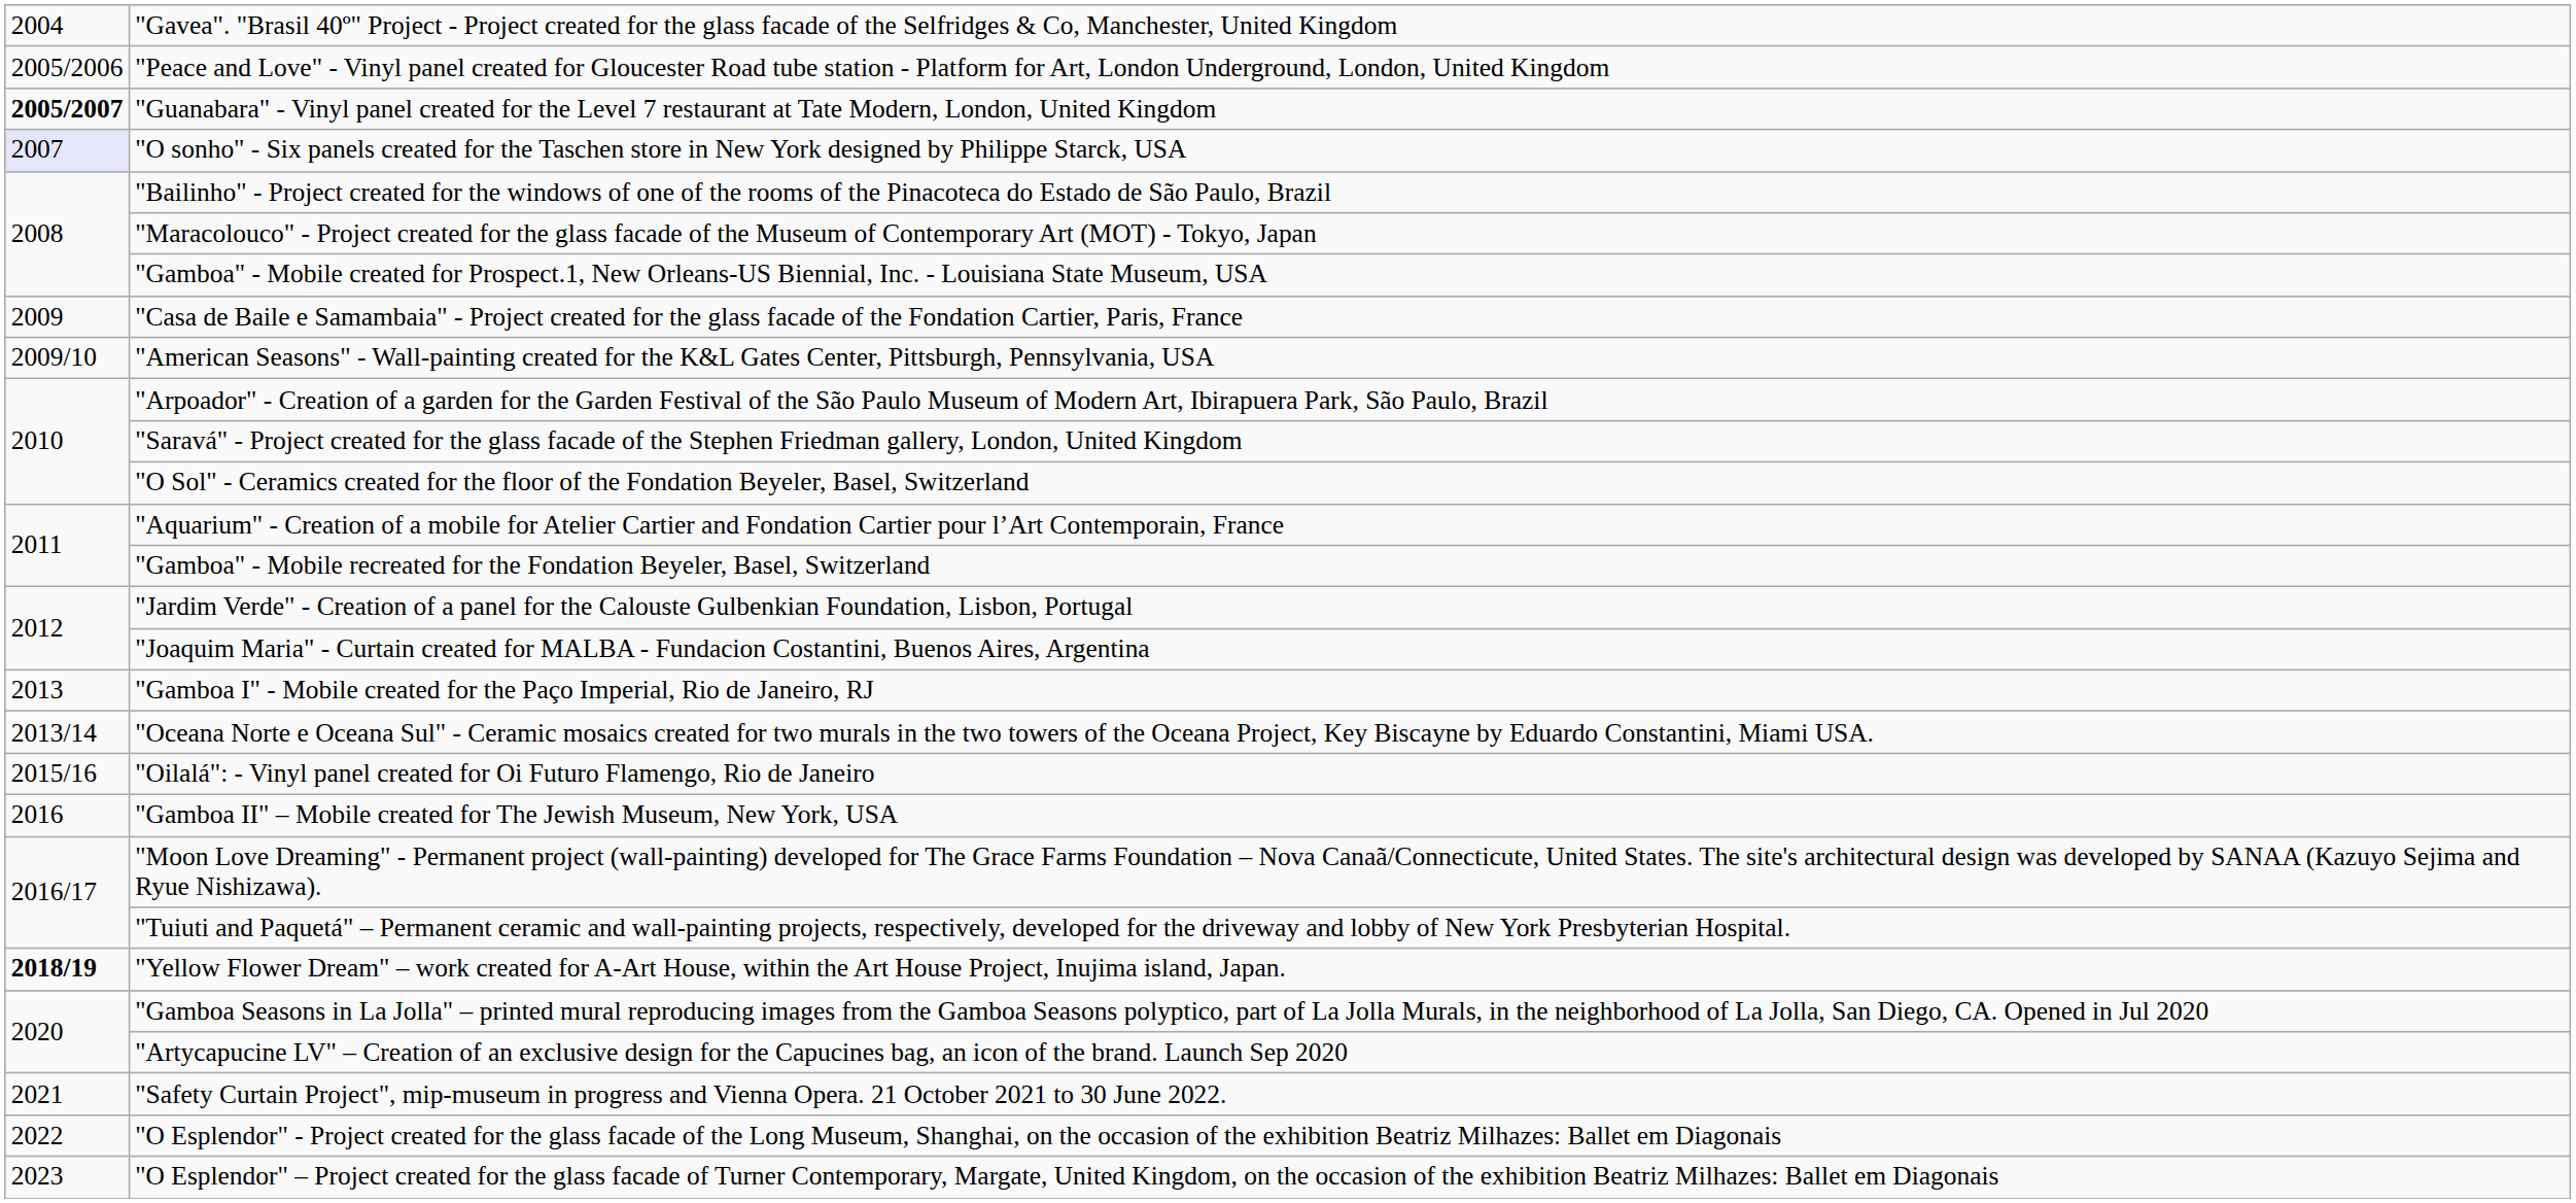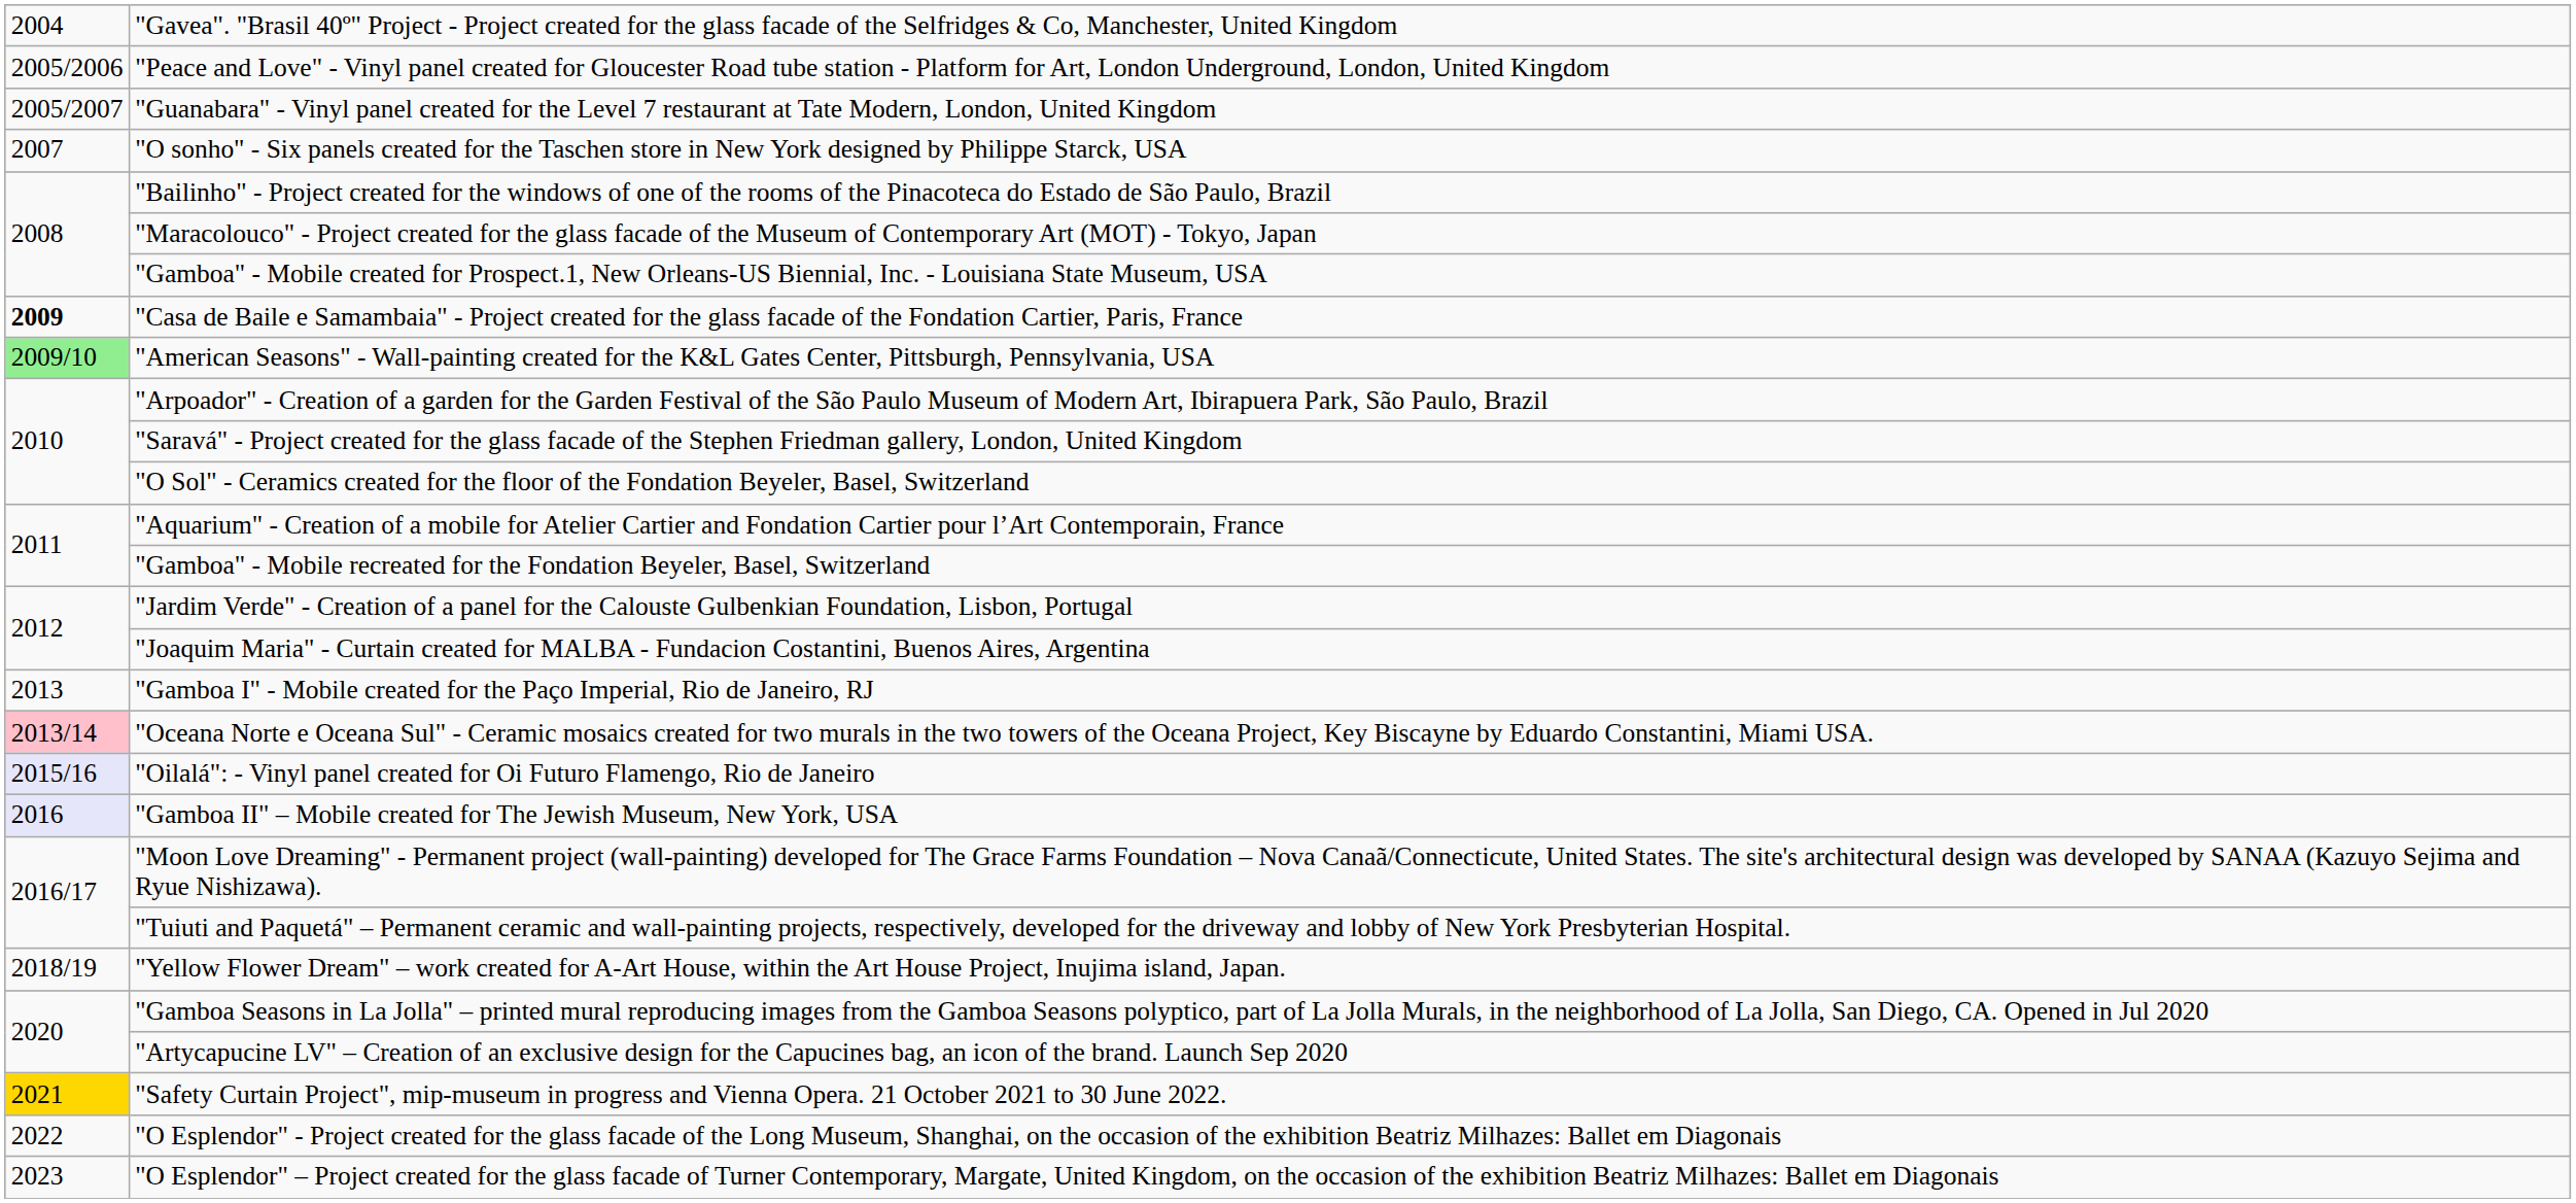 <table class="wikitable">
 <tr>
 <td>2004</td>
 <td>"Gavea". "Brasil 40º" Project - Project created for the glass facade of the Selfridges & Co, Manchester, United Kingdom</td>
 </tr>
 <tr>
 <td>2005/2006</td>
 <td>"Peace and Love" - Vinyl panel created for Gloucester Road tube station - Platform for Art, London Underground, London, United Kingdom</td>
 </tr>
 <tr>
-<td><strong>2005/2007</strong></td>
+<td>2005/2007</td>
 <td>"Guanabara" - Vinyl panel created for the Level 7 restaurant at Tate Modern, London, United Kingdom</td>
 </tr>
 <tr>
-<td style="background: lavender;">2007</td>
+<td>2007</td>
 <td>"O sonho" - Six panels created for the Taschen store in New York designed by Philippe Starck, USA</td>
 </tr>
 <tr>
 <td colspan="1" rowspan="3">2008</td>
 <td>"Bailinho" - Project created for the windows of one of the rooms of the Pinacoteca do Estado de São Paulo, Brazil</td>
 </tr>
 <tr>
 <td>"Maracolouco" - Project created for the glass facade of the Museum of Contemporary Art (MOT) - Tokyo, Japan</td>
 </tr>
 <tr>
 <td>"Gamboa" - Mobile created for Prospect.1, New Orleans-US Biennial, Inc. - Louisiana State Museum, USA</td>
 </tr>
 <tr>
-<td>2009</td>
+<td><strong>2009</strong></td>
 <td>"Casa de Baile e Samambaia" - Project created for the glass facade of the Fondation Cartier, Paris, France</td>
 </tr>
 <tr>
-<td>2009/10</td>
+<td style="background: lightgreen;">2009/10</td>
 <td>"American Seasons" - Wall-painting created for the K&amp;L Gates Center, Pittsburgh, Pennsylvania, USA</td>
 </tr>
 <tr>
 <td colspan="1" rowspan="3">2010</td>
 <td>"Arpoador" - Creation of a garden for the Garden Festival of the São Paulo Museum of Modern Art, Ibirapuera Park, São Paulo, Brazil</td>
 </tr>
 <tr>
 <td>"Saravá" - Project created for the glass facade of the Stephen Friedman gallery, London, United Kingdom</td>
 </tr>
 <tr>
 <td>"O Sol" - Ceramics created for the floor of the Fondation Beyeler, Basel, Switzerland</td>
 </tr>
 <tr>
 <td colspan="1" rowspan="2">2011</td>
 <td>"Aquarium" - Creation of a mobile for Atelier Cartier and Fondation Cartier pour l’Art Contemporain, France</td>
 </tr>
 <tr>
 <td>"Gamboa" - Mobile recreated for the Fondation Beyeler, Basel, Switzerland</td>
 </tr>
 <tr>
 <td colspan="1" rowspan="2">2012</td>
 <td>"Jardim Verde" - Creation of a panel for the Calouste Gulbenkian Foundation, Lisbon, Portugal</td>
 </tr>
 <tr>
 <td>"Joaquim Maria" - Curtain created for MALBA - Fundacion Costantini, Buenos Aires, Argentina</td>
 </tr>
 <tr>
 <td>2013</td>
 <td>"Gamboa I" - Mobile created for the Paço Imperial, Rio de Janeiro, RJ</td>
 </tr>
 <tr>
-<td>2013/14</td>
+<td style="background: pink;">2013/14</td>
 <td>"Oceana Norte e Oceana Sul" - Ceramic mosaics created for two murals in the two towers of the Oceana Project, Key Biscayne by Eduardo Constantini, Miami USA.</td>
 </tr>
 <tr>
-<td>2015/16</td>
+<td style="background: lavender;">2015/16</td>
 <td>"Oilalá": - Vinyl panel created for Oi Futuro Flamengo, Rio de Janeiro</td>
 </tr>
 <tr>
-<td>2016</td>
+<td style="background: lavender;">2016</td>
 <td>"Gamboa II" – Mobile created for The Jewish Museum, New York, USA</td>
 </tr>
 <tr>
 <td colspan="1" rowspan="2">2016/17</td>
 <td>"Moon Love Dreaming" - Permanent project (wall-painting) developed for The Grace Farms Foundation – Nova Canaã/Connecticute, United States. The site's architectural design was developed by SANAA (Kazuyo Sejima and Ryue Nishizawa).</td>
 </tr>
 <tr>
 <td>"Tuiuti and Paquetá" – Permanent ceramic and wall-painting projects, respectively, developed for the driveway and lobby of New York Presbyterian Hospital.</td>
 </tr>
 <tr>
-<td><strong>2018/19</strong></td>
+<td>2018/19</td>
 <td>"Yellow Flower Dream" – work created for A-Art House, within the Art House Project, Inujima island, Japan.</td>
 </tr>
 <tr>
 <td colspan="1" rowspan="2">2020</td>
 <td>"Gamboa Seasons in La Jolla" – printed mural reproducing images from the Gamboa Seasons polyptico, part of La Jolla Murals, in the neighborhood of La Jolla, San Diego, CA. Opened in Jul 2020</td>
 </tr>
 <tr>
 <td>"Artycapucine LV" – Creation of an exclusive design for the Capucines bag, an icon of the brand. Launch Sep 2020</td>
 </tr>
 <tr>
-<td>2021</td>
+<td style="background: gold;">2021</td>
 <td>"Safety Curtain Project", mip-museum in progress and Vienna Opera. 21 October 2021 to 30 June 2022.</td>
 </tr>
 <tr>
 <td>2022</td>
 <td>"O Esplendor" - Project created for the glass facade of the Long Museum, Shanghai, on the occasion of the exhibition Beatriz Milhazes: Ballet em Diagonais</td>
 </tr>
 <tr>
 <td>2023</td>
 <td>"O Esplendor" – Project created for the glass facade of Turner Contemporary, Margate, United Kingdom, on the occasion of the exhibition Beatriz Milhazes: Ballet em Diagonais</td>
 </tr>
 </table>
